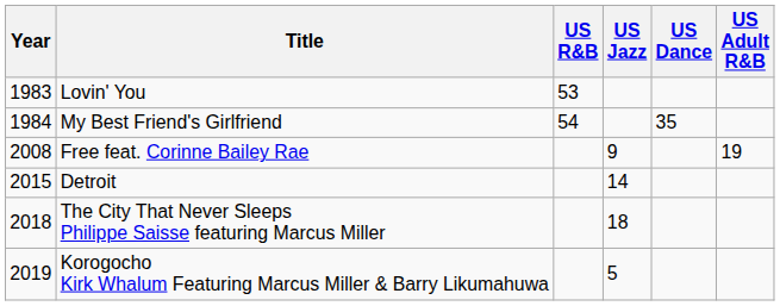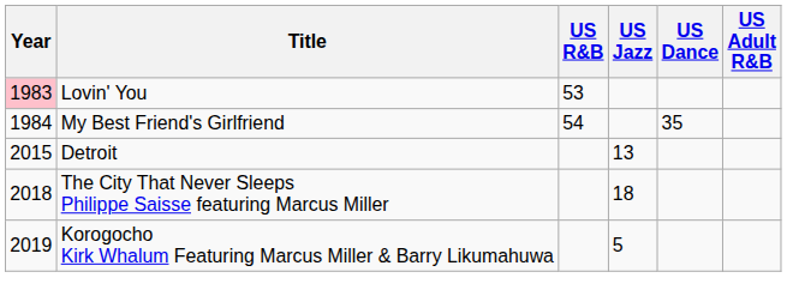 <table class="wikitable">
 <tr>
 <th>Year</th>
 <th>Title</th>
 <th><a href='#'>US</a><br><a href='#'>R&B</a> </th>
 <th><a href='#'>US</a><br><a href='#'>Jazz</a><br></th>
 <th><a href='#'>US</a><br><a href='#'>Dance</a><br></th>
 <th><a href='#'>US</a><br><a href='#'>Adult</a><br><a href='#'>R&B</a><br></th>
 </tr>
 <tr>
-<td>1983</td>
+<td style="background: pink;">1983</td>
 <td>Lovin' You</td>
 <td>53</td>
 <td></td>
 <td></td>
 <td></td>
 </tr>
 <tr>
 <td>1984</td>
 <td>My Best Friend's Girlfriend</td>
 <td>54</td>
 <td></td>
 <td>35</td>
 <td></td>
 </tr>
 <tr>
-<td>2008</td>
-<td>Free feat. <a href='#'>Corinne Bailey Rae</a></td>
-<td></td>
-<td>9</td>
-<td></td>
-<td>19</td>
-</tr>
-<tr>
 <td>2015</td>
 <td>Detroit</td>
 <td></td>
-<td>14</td>
+<td>13</td>
 <td></td>
 <td></td>
 </tr>
 <tr>
 <td>2018</td>
 <td>The City That Never Sleeps<br><a href='#'>Philippe Saisse</a> featuring Marcus Miller</td>
 <td></td>
 <td>18</td>
 <td></td>
 <td></td>
 </tr>
 <tr>
 <td>2019</td>
 <td>Korogocho<br><a href='#'>Kirk Whalum</a> Featuring Marcus Miller & Barry Likumahuwa</td>
 <td></td>
 <td>5</td>
 <td></td>
 <td></td>
 </tr>
 </table>
